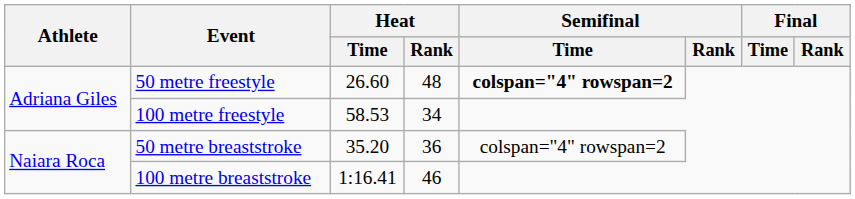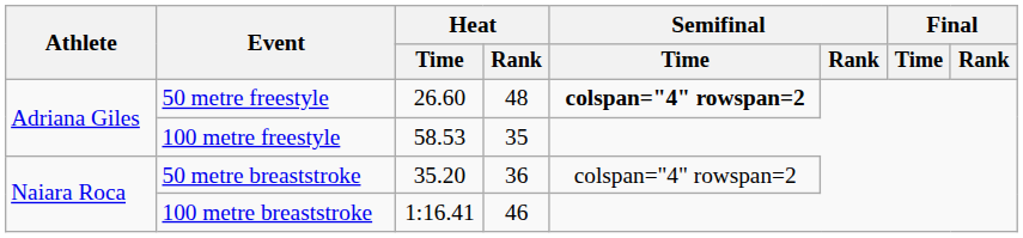 <table class="wikitable" style="text-align:center; font-size:90%; width:50%;">
 <tr>
 <th rowspan="2">Athlete</th>
 <th rowspan="2">Event</th>
 <th colspan="2">Heat</th>
 <th colspan="2">Semifinal</th>
 <th colspan="2">Final</th>
 </tr>
 <tr style="font-size:95%">
 <th>Time</th>
 <th>Rank</th>
 <th>Time</th>
 <th>Rank</th>
 <th>Time</th>
 <th>Rank</th>
 </tr>
 <tr>
 <td align=left rowspan=2><a href='#'>Adriana Giles</a></td>
 <td align=left><a href='#'>50 metre freestyle</a></td>
 <td>26.60</td>
 <td>48</td>
 <td><strong>colspan="4" rowspan=2 </strong></td>
 </tr>
 <tr align=center>
 <td align=left><a href='#'>100 metre freestyle</a></td>
 <td>58.53</td>
-<td>34</td>
+<td>35</td>
 </tr>
 <tr>
 <td align=left rowspan=2><a href='#'>Naiara Roca</a></td>
 <td align=left><a href='#'>50 metre breaststroke</a></td>
 <td>35.20</td>
 <td>36</td>
 <td>colspan="4" rowspan=2 </td>
 </tr>
 <tr>
 <td align=left><a href='#'>100 metre breaststroke</a></td>
 <td>1:16.41</td>
 <td>46</td>
 </tr>
 </table>
